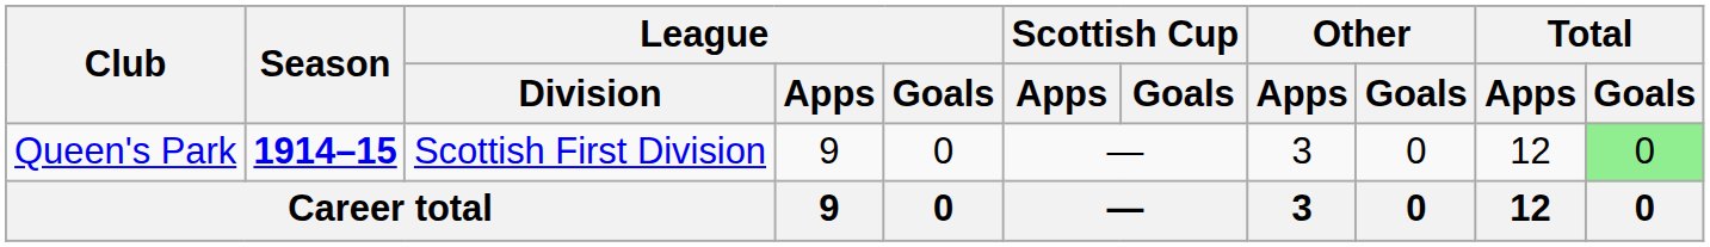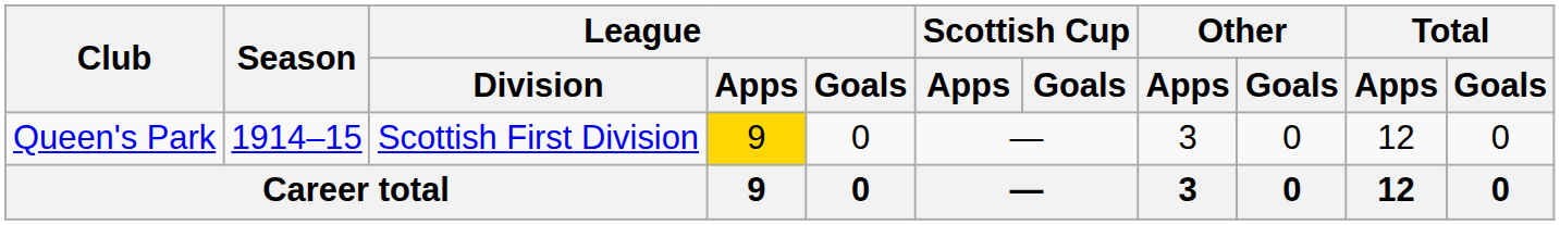 <table class="wikitable" style="text-align: center;">
 <tr>
 <th rowspan="2">Club</th>
 <th rowspan="2">Season</th>
 <th colspan="3">League</th>
 <th colspan="2">Scottish Cup</th>
 <th colspan="2">Other</th>
 <th colspan="2">Total</th>
 </tr>
 <tr>
 <th>Division</th>
 <th>Apps</th>
 <th>Goals</th>
 <th>Apps</th>
 <th>Goals</th>
 <th>Apps</th>
 <th>Goals</th>
 <th>Apps</th>
 <th>Goals</th>
 </tr>
 <tr>
 <td><a href='#'>Queen's Park</a></td>
-<td><strong><a href='#'>1914–15</a></strong></td>
+<td><a href='#'>1914–15</a></td>
 <td><a href='#'>Scottish First Division</a></td>
-<td>9</td>
+<td style="background: gold;">9</td>
 <td>0</td>
 <td colspan="2">―</td>
 <td>3</td>
 <td>0</td>
 <td>12</td>
-<td style="background: lightgreen;">0</td>
+<td>0</td>
 </tr>
 <tr>
 <th colspan="3">Career total</th>
 <th>9</th>
 <th>0</th>
 <th colspan="2">―</th>
 <th>3</th>
 <th>0</th>
 <th>12</th>
 <th>0</th>
 </tr>
 </table>
